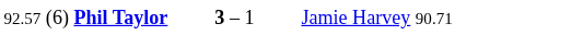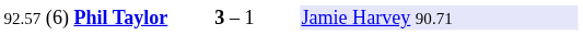 <table style="text-align:center">
 <tr>
 <th width=223></th>
 <th width=100></th>
 <th width=223></th>
 </tr>
 <tr>
 <td align=right><small>92.57</small> (6) <strong><a href='#'>Phil Taylor</a></strong> </td>
 <td><strong>3</strong> – 1</td>
-<td align=left> <a href='#'>Jamie Harvey</a> <small>90.71</small></td>
+<td align=left style="background: lavender;"> <a href='#'>Jamie Harvey</a> <small>90.71</small></td>
 </tr>
 </table>
